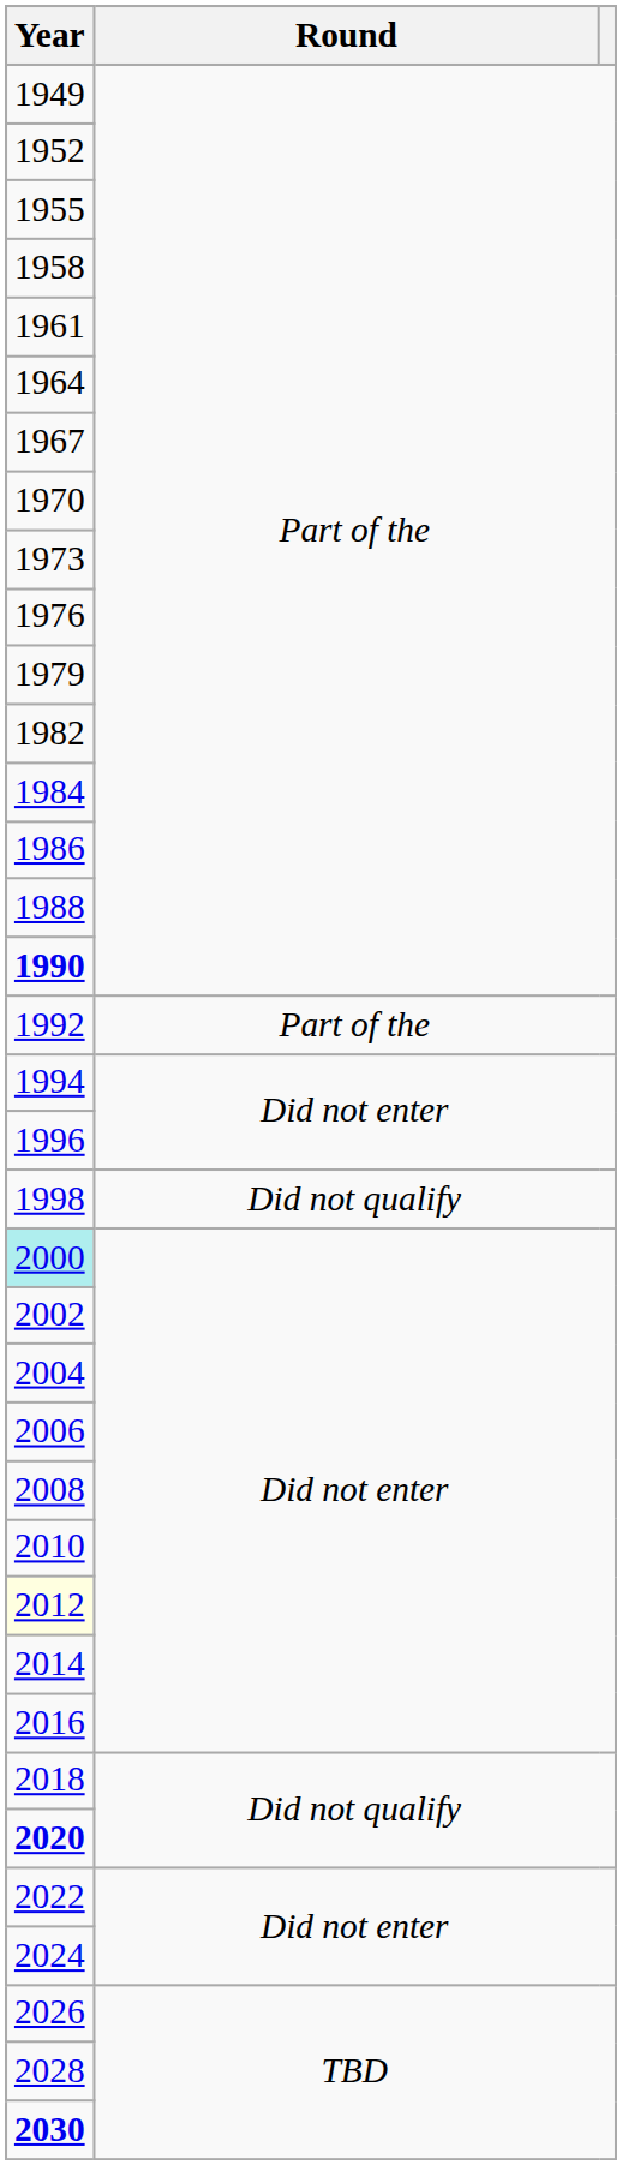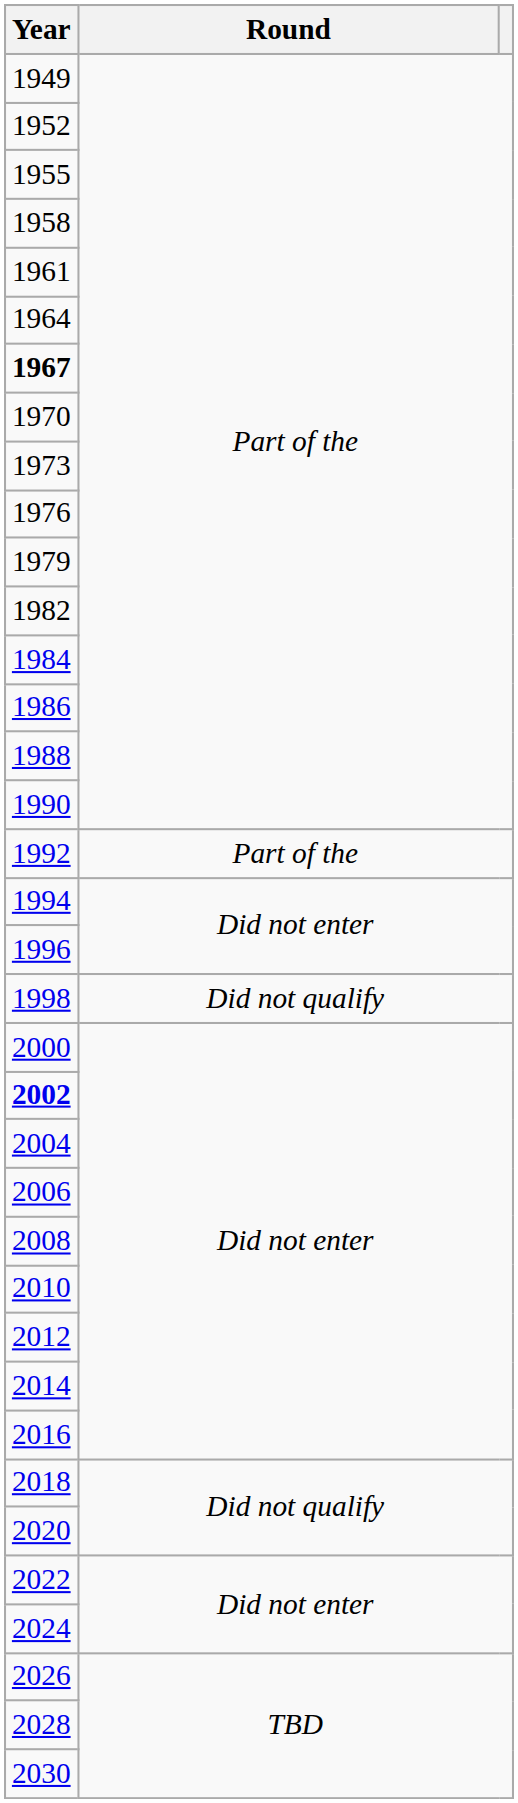 <table class="wikitable" style="text-align: center; font-size:90%">
 <tr>
 <th>Year</th>
 <th style="width:200px">Round</th>
 <th></th>
 </tr>
 <tr>
 <td>1949</td>
 <td colspan="2" rowspan="16"><em>Part of the </em></td>
 </tr>
 <tr>
 <td>1952</td>
 </tr>
 <tr>
 <td>1955</td>
 </tr>
 <tr>
 <td>1958</td>
 </tr>
 <tr>
 <td>1961</td>
 </tr>
 <tr>
 <td>1964</td>
 </tr>
 <tr>
-<td>1967</td>
+<td><strong>1967</strong></td>
 </tr>
 <tr>
 <td>1970</td>
 </tr>
 <tr>
 <td>1973</td>
 </tr>
 <tr>
 <td>1976</td>
 </tr>
 <tr>
 <td>1979</td>
 </tr>
 <tr>
 <td>1982</td>
 </tr>
 <tr>
 <td><a href='#'>1984</a></td>
 </tr>
 <tr>
 <td><a href='#'>1986</a></td>
 </tr>
 <tr>
 <td><a href='#'>1988</a></td>
 </tr>
 <tr>
-<td><strong><a href='#'>1990</a></strong></td>
+<td><a href='#'>1990</a></td>
 </tr>
 <tr>
 <td><a href='#'>1992</a></td>
 <td colspan="2"><em>Part of the </em></td>
 </tr>
 <tr>
 <td><a href='#'>1994</a></td>
 <td colspan="2" rowspan="2"><em>Did not enter</em></td>
 </tr>
 <tr>
 <td><a href='#'>1996</a></td>
 </tr>
 <tr>
 <td><a href='#'>1998</a></td>
 <td colspan="2"><em>Did not qualify</em></td>
 </tr>
 <tr>
-<td style="background: paleturquoise;"><a href='#'>2000</a></td>
+<td><a href='#'>2000</a></td>
 <td colspan="2" rowspan="9"><em>Did not enter</em></td>
 </tr>
 <tr>
-<td><a href='#'>2002</a></td>
+<td><strong><a href='#'>2002</a></strong></td>
 </tr>
 <tr>
 <td><a href='#'>2004</a></td>
 </tr>
 <tr>
 <td><a href='#'>2006</a></td>
 </tr>
 <tr>
 <td><a href='#'>2008</a></td>
 </tr>
 <tr>
 <td><a href='#'>2010</a></td>
 </tr>
 <tr>
-<td style="background: lightyellow;"><a href='#'>2012</a></td>
+<td><a href='#'>2012</a></td>
 </tr>
 <tr>
 <td><a href='#'>2014</a></td>
 </tr>
 <tr>
 <td><a href='#'>2016</a></td>
 </tr>
 <tr>
 <td><a href='#'>2018</a></td>
 <td colspan="2" rowspan="2"><em>Did not qualify</em></td>
 </tr>
 <tr>
-<td><strong><a href='#'>2020</a></strong></td>
+<td><a href='#'>2020</a></td>
 </tr>
 <tr>
 <td><a href='#'>2022</a></td>
 <td colspan="2" rowspan="2"><em>Did not enter</em></td>
 </tr>
 <tr>
 <td><a href='#'>2024</a></td>
 </tr>
 <tr>
 <td><a href='#'>2026</a></td>
 <td colspan="2" rowspan="3"><em>TBD</em></td>
 </tr>
 <tr>
 <td><a href='#'>2028</a></td>
 </tr>
 <tr>
-<td><strong><a href='#'>2030</a></strong></td>
+<td><a href='#'>2030</a></td>
 </tr>
 </table>
